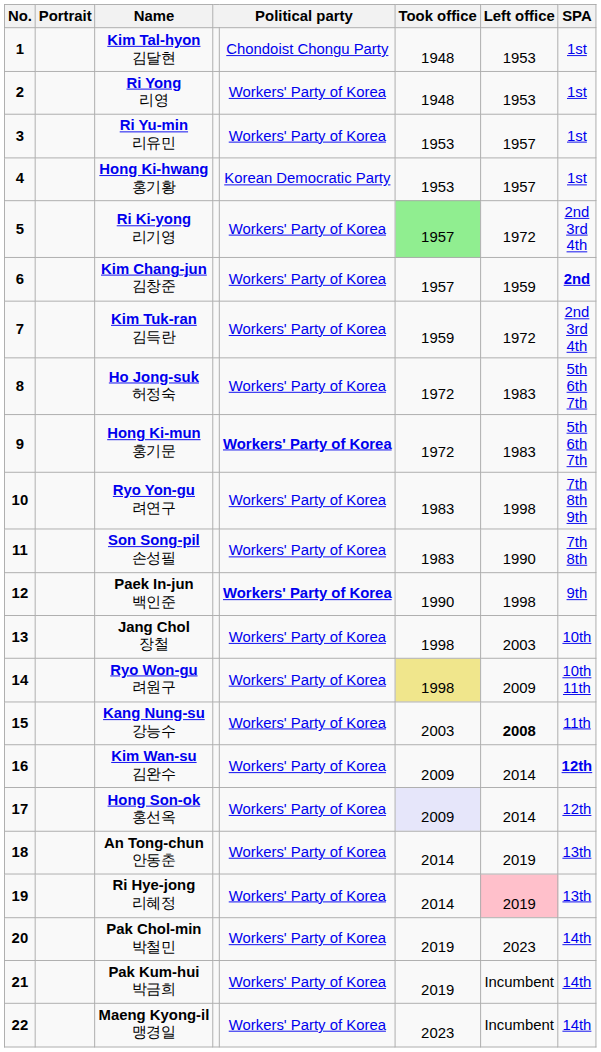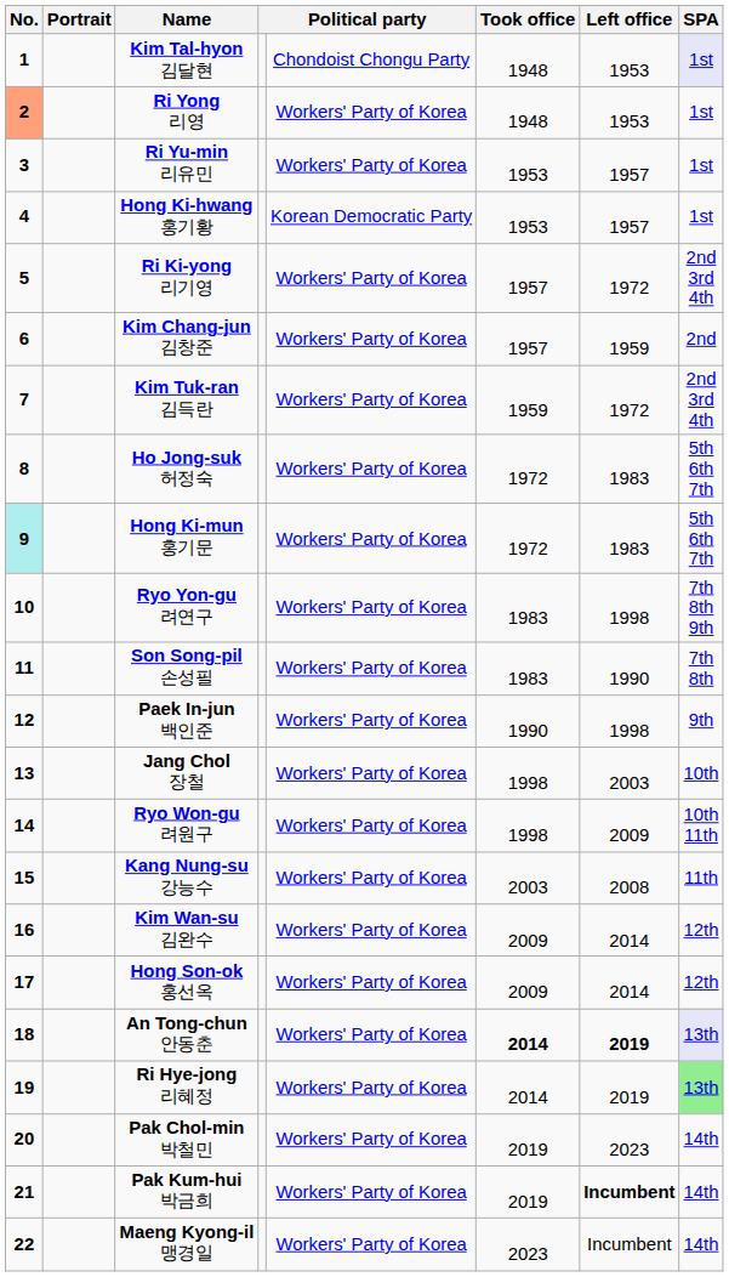 <table class="wikitable" style="text-align:center; border:1px #AAAAFF solid">
 <tr>
 <th>No.</th>
 <th>Portrait</th>
 <th>Name</th>
 <th colspan="2">Political party</th>
 <th>Took office</th>
 <th>Left office</th>
 <th>SPA</th>
 </tr>
 <tr>
 <td><strong>1</strong></td>
 <td rowspan="1"></td>
 <td><a href='#'><strong>Kim Tal-hyon</strong></a><br>김달현<br></td>
 <td style="background:"></td>
 <td><a href='#'>Chondoist Chongu Party</a></td>
 <td rowspan="1"><br>1948</td>
 <td rowspan="1"><br>1953</td>
-<td><a href='#'>1st</a></td>
+<td style="background: lavender;"><a href='#'>1st</a></td>
 </tr>
 <tr>
-<td><strong>2</strong></td>
+<td style="background: lightsalmon;"><strong>2</strong></td>
 <td rowspan="1"></td>
 <td><strong><a href='#'>Ri Yong</a></strong><br>리영<br></td>
 <td style="background:"></td>
 <td><a href='#'>Workers' Party of Korea</a></td>
 <td rowspan="1"><br>1948</td>
 <td rowspan="1"><br>1953</td>
 <td><a href='#'>1st</a></td>
 </tr>
 <tr>
 <td><strong>3</strong></td>
 <td rowspan="1"></td>
 <td><strong><a href='#'>Ri Yu-min</a></strong><br>리유민</td>
 <td style="background:"></td>
 <td><a href='#'>Workers' Party of Korea</a></td>
 <td rowspan="1"><br>1953</td>
 <td rowspan="1"><br>1957</td>
 <td><a href='#'>1st</a></td>
 </tr>
 <tr>
 <td><strong>4</strong></td>
 <td rowspan="1"></td>
 <td><strong><a href='#'>Hong Ki-hwang</a></strong><br>홍기황</td>
 <td style="background:"></td>
 <td><a href='#'>Korean Democratic Party</a></td>
 <td rowspan="1"><br>1953</td>
 <td rowspan="1"><br>1957</td>
 <td><a href='#'>1st</a></td>
 </tr>
 <tr>
 <td><strong>5</strong></td>
 <td rowspan="1"></td>
 <td><strong><a href='#'>Ri Ki-yong</a></strong><br>리기영<br></td>
 <td style="background:"></td>
 <td><a href='#'>Workers' Party of Korea</a></td>
-<td rowspan="1" style="background: lightgreen;"><br>1957</td>
+<td rowspan="1"><br>1957</td>
 <td rowspan="1"><br>1972</td>
 <td><a href='#'>2nd</a><br><a href='#'>3rd</a><br><a href='#'>4th</a></td>
 </tr>
 <tr>
 <td><strong>6</strong></td>
 <td rowspan="1"></td>
 <td><strong><a href='#'>Kim Chang-jun</a></strong><br>김창준</td>
 <td style="background:"></td>
 <td><a href='#'>Workers' Party of Korea</a></td>
 <td rowspan="1"><br>1957</td>
 <td rowspan="1"><br>1959</td>
-<td><strong><a href='#'>2nd</a></strong></td>
+<td><a href='#'>2nd</a></td>
 </tr>
 <tr>
 <td><strong>7</strong></td>
 <td rowspan="1"></td>
 <td><strong><a href='#'>Kim Tuk-ran</a></strong><br>김득란</td>
 <td style="background:"></td>
 <td><a href='#'>Workers' Party of Korea</a></td>
 <td rowspan="1"><br>1959</td>
 <td rowspan="1"><br>1972</td>
 <td><a href='#'>2nd</a><br><a href='#'>3rd</a><br><a href='#'>4th</a></td>
 </tr>
 <tr>
 <td><strong>8</strong></td>
 <td rowspan="1"></td>
 <td><strong><a href='#'>Ho Jong-suk</a></strong><br>허정숙<br></td>
 <td style="background:"></td>
 <td><a href='#'>Workers' Party of Korea</a></td>
 <td rowspan="1"><br>1972</td>
 <td rowspan="1"><br>1983</td>
 <td><a href='#'>5th</a><br><a href='#'>6th</a><br><a href='#'>7th</a></td>
 </tr>
 <tr>
-<td><strong>9</strong></td>
+<td style="background: paleturquoise;"><strong>9</strong></td>
 <td rowspan="1"></td>
 <td><strong><a href='#'>Hong Ki-mun</a></strong><br>홍기문<br></td>
 <td style="background:"></td>
-<td><strong><a href='#'>Workers' Party of Korea</a></strong></td>
+<td><a href='#'>Workers' Party of Korea</a></td>
 <td rowspan="1"><br>1972</td>
 <td rowspan="1"><br>1983</td>
 <td><a href='#'>5th</a><br><a href='#'>6th</a><br><a href='#'>7th</a></td>
 </tr>
 <tr>
 <td><strong>10</strong></td>
 <td rowspan="1"></td>
 <td><strong><a href='#'>Ryo Yon-gu</a></strong><br>려연구<br></td>
 <td style="background:"></td>
 <td><a href='#'>Workers' Party of Korea</a></td>
 <td rowspan="1"><br>1983</td>
 <td rowspan="1"><br>1998</td>
 <td><a href='#'>7th</a><br><a href='#'>8th</a><br><a href='#'>9th</a></td>
 </tr>
 <tr>
 <td><strong>11</strong></td>
 <td rowspan="1"></td>
 <td><strong><a href='#'>Son Song-pil</a></strong><br>손성필<br></td>
 <td style="background:"></td>
 <td><a href='#'>Workers' Party of Korea</a></td>
 <td rowspan="1"><br>1983</td>
 <td rowspan="1"><br>1990</td>
 <td><a href='#'>7th</a><br><a href='#'>8th</a><br></td>
 </tr>
 <tr>
 <td><strong>12</strong></td>
 <td rowspan="1"></td>
 <td><strong>Paek In-jun</strong><br>백인준<br></td>
 <td style="background:"></td>
-<td><strong><a href='#'>Workers' Party of Korea</a></strong></td>
+<td><a href='#'>Workers' Party of Korea</a></td>
 <td rowspan="1"><br>1990</td>
 <td rowspan="1"><br>1998</td>
 <td><a href='#'>9th</a></td>
 </tr>
 <tr>
 <td><strong>13</strong></td>
 <td rowspan="1"></td>
 <td><strong>Jang Chol</strong><br>장철<br></td>
 <td style="background:"></td>
 <td><a href='#'>Workers' Party of Korea</a></td>
 <td rowspan="1"><br>1998</td>
 <td rowspan="1"><br>2003</td>
 <td><a href='#'>10th</a></td>
 </tr>
 <tr>
 <td><strong>14</strong></td>
 <td rowspan="1"></td>
 <td><strong><a href='#'>Ryo Won-gu</a></strong><br>려원구<br></td>
 <td style="background:"></td>
 <td><a href='#'>Workers' Party of Korea</a></td>
-<td rowspan="1" style="background: khaki;"><br>1998</td>
+<td rowspan="1"><br>1998</td>
 <td rowspan="1"><br>2009</td>
 <td><a href='#'>10th</a><br><a href='#'>11th</a><br></td>
 </tr>
 <tr>
 <td><strong>15</strong></td>
 <td rowspan="1"></td>
 <td><strong><a href='#'>Kang Nung-su</a></strong><br>강능수<br></td>
 <td style="background:"></td>
 <td><a href='#'>Workers' Party of Korea</a></td>
 <td rowspan="1"><br>2003</td>
-<td rowspan="1"><strong><br>2008</strong></td>
+<td rowspan="1"><br>2008</td>
 <td><a href='#'>11th</a></td>
 </tr>
 <tr>
 <td><strong>16</strong></td>
 <td rowspan="1"></td>
 <td><strong><a href='#'>Kim Wan-su</a></strong><br>김완수<br></td>
 <td style="background:"></td>
 <td><a href='#'>Workers' Party of Korea</a></td>
 <td rowspan="1"><br>2009</td>
 <td rowspan="1"><br>2014</td>
-<td><strong><a href='#'>12th</a></strong></td>
+<td><a href='#'>12th</a></td>
 </tr>
 <tr>
 <td><strong>17</strong></td>
 <td rowspan="1"></td>
 <td><strong><a href='#'>Hong Son-ok</a></strong><br>홍선옥<br></td>
 <td style="background:"></td>
 <td><a href='#'>Workers' Party of Korea</a></td>
-<td rowspan="1" style="background: lavender;"><br>2009</td>
+<td rowspan="1"><br>2009</td>
 <td rowspan="1"><br>2014</td>
 <td><a href='#'>12th</a></td>
 </tr>
 <tr>
 <td><strong>18</strong></td>
 <td rowspan="1"></td>
 <td><strong>An Tong-chun</strong><br>안동춘</td>
 <td style="background:"></td>
 <td><a href='#'>Workers' Party of Korea</a></td>
-<td rowspan="1"><br>2014</td>
-<td rowspan="1"><br>2019</td>
-<td><a href='#'>13th</a></td>
+<td rowspan="1"><strong><br>2014</strong></td>
+<td rowspan="1"><strong><br>2019</strong></td>
+<td style="background: lavender;"><a href='#'>13th</a></td>
 </tr>
 <tr>
 <td><strong>19</strong></td>
 <td rowspan="1"></td>
 <td><strong>Ri Hye-jong</strong><br>리혜정</td>
 <td style="background:"></td>
 <td><a href='#'>Workers' Party of Korea</a></td>
 <td rowspan="1"><br>2014</td>
-<td rowspan="1" style="background: pink;"><br>2019</td>
-<td><a href='#'>13th</a></td>
+<td rowspan="1"><br>2019</td>
+<td style="background: lightgreen;"><a href='#'>13th</a></td>
 </tr>
 <tr>
 <td><strong>20</strong></td>
 <td rowspan="1"></td>
 <td><strong>Pak Chol-min</strong><br>박철민</td>
 <td style="background:"></td>
 <td><a href='#'>Workers' Party of Korea</a></td>
 <td rowspan="1"><br>2019</td>
 <td rowspan="1"><br>2023</td>
 <td><a href='#'>14th</a></td>
 </tr>
 <tr>
 <td><strong>21</strong></td>
 <td rowspan="1"></td>
 <td><strong>Pak Kum-hui</strong><br>박금희</td>
 <td style="background:"></td>
 <td><a href='#'>Workers' Party of Korea</a></td>
 <td rowspan="1"><br>2019</td>
-<td>Incumbent</td>
+<td><strong>Incumbent</strong></td>
 <td><a href='#'>14th</a></td>
 </tr>
 <tr>
 <td><strong>22</strong></td>
 <td rowspan="1"></td>
 <td><strong>Maeng Kyong-il</strong><br>맹경일<br></td>
 <td style="background:"></td>
 <td><a href='#'>Workers' Party of Korea</a></td>
 <td rowspan="1"><br>2023</td>
 <td>Incumbent</td>
 <td><a href='#'>14th</a></td>
 </tr>
 </table>
